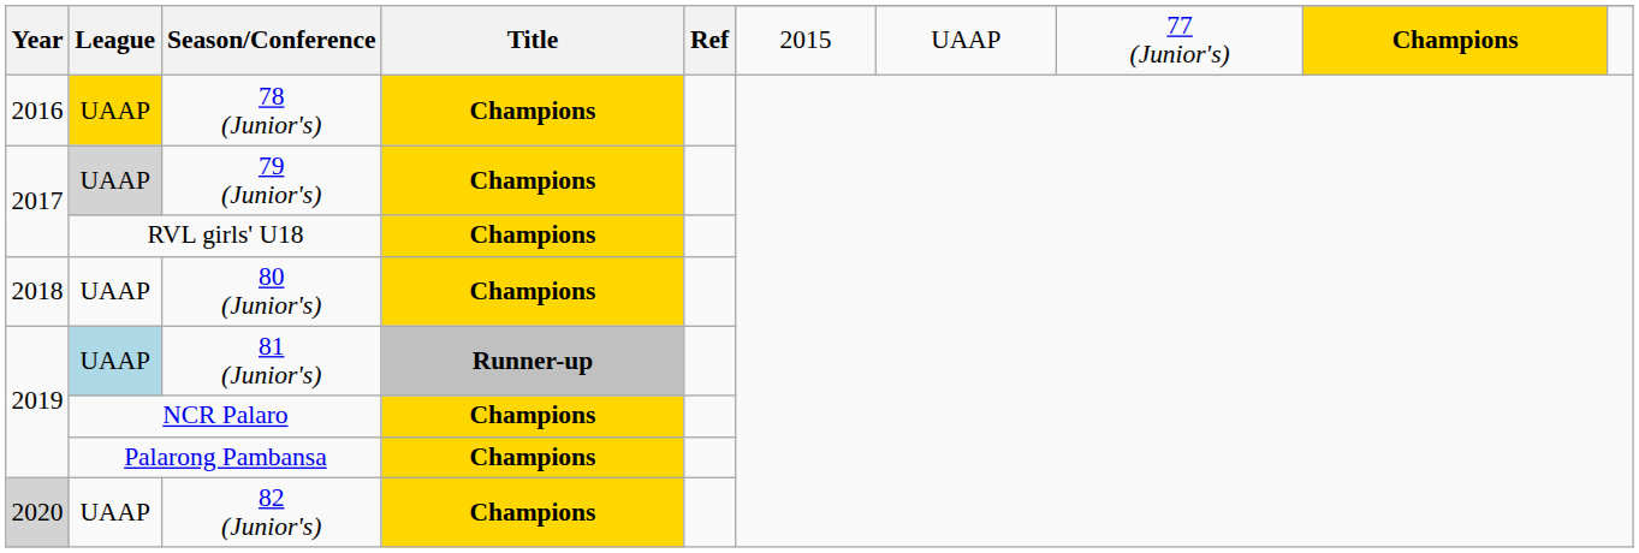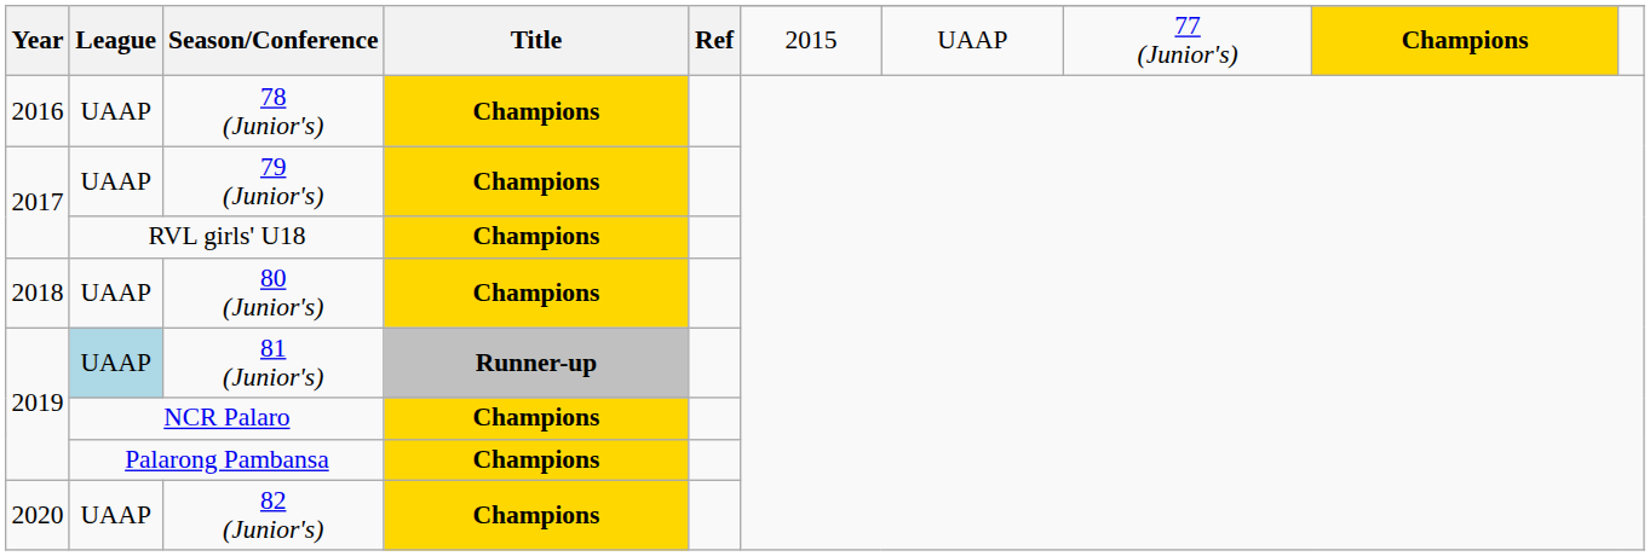 <table class="wikitable sortable" style="text-align:center" width="80%">
 <tr>
 <th style="width:5px;" rowspan="2">Year</th>
 <th style="width:25px;" rowspan="2">League</th>
 <th style="width:100px;" rowspan="2">Season/Conference</th>
 <th style="width:180px;" rowspan="2">Title</th>
 <th style="width:25px;" rowspan="2">Ref</th>
 </tr>
 <tr>
 <td rowspan=1>2015</td>
 <td>UAAP</td>
 <td><a href='#'>77</a> <br><em>(Junior's)</em></td>
 <td style="background:gold"><strong>Champions</strong></td>
 <td></td>
 </tr>
 <tr>
 <td rowspan=1>2016</td>
-<td style="background: gold;">UAAP</td>
+<td>UAAP</td>
 <td><a href='#'>78</a> <br><em>(Junior's)</em></td>
 <td style="background:gold"><strong>Champions</strong></td>
 <td></td>
 </tr>
 <tr>
 <td rowspan=2>2017</td>
-<td style="background: lightgrey;">UAAP</td>
+<td>UAAP</td>
 <td><a href='#'>79</a><br><em>(Junior's)</em></td>
 <td style="background:gold"><strong>Champions</strong></td>
 <td></td>
 </tr>
 <tr>
 <td colspan=2>RVL girls' U18</td>
 <td style="background:gold"><strong>Champions</strong></td>
 <td></td>
 </tr>
 <tr>
 <td>2018</td>
 <td>UAAP</td>
 <td><a href='#'>80</a><br><em>(Junior's)</em></td>
 <td style="background:gold"><strong>Champions</strong></td>
 <td></td>
 </tr>
 <tr>
 <td rowspan=3>2019</td>
 <td style="background: lightblue;">UAAP</td>
 <td><a href='#'>81</a> <br><em>(Junior's)</em></td>
 <td style="background:silver"><strong>Runner-up</strong></td>
 <td></td>
 </tr>
 <tr>
 <td colspan=2><a href='#'>NCR Palaro</a></td>
 <td style="background:gold"><strong>Champions</strong></td>
 <td></td>
 </tr>
 <tr>
 <td colspan=2><a href='#'>Palarong Pambansa</a></td>
 <td style="background:gold"><strong>Champions</strong></td>
 <td></td>
 </tr>
 <tr>
-<td style="background: lightgrey;">2020</td>
+<td>2020</td>
 <td>UAAP</td>
 <td><a href='#'>82</a><br><em>(Junior's)</em></td>
 <td style="background:gold"><strong>Champions</strong></td>
 <td></td>
 </tr>
 </table>
